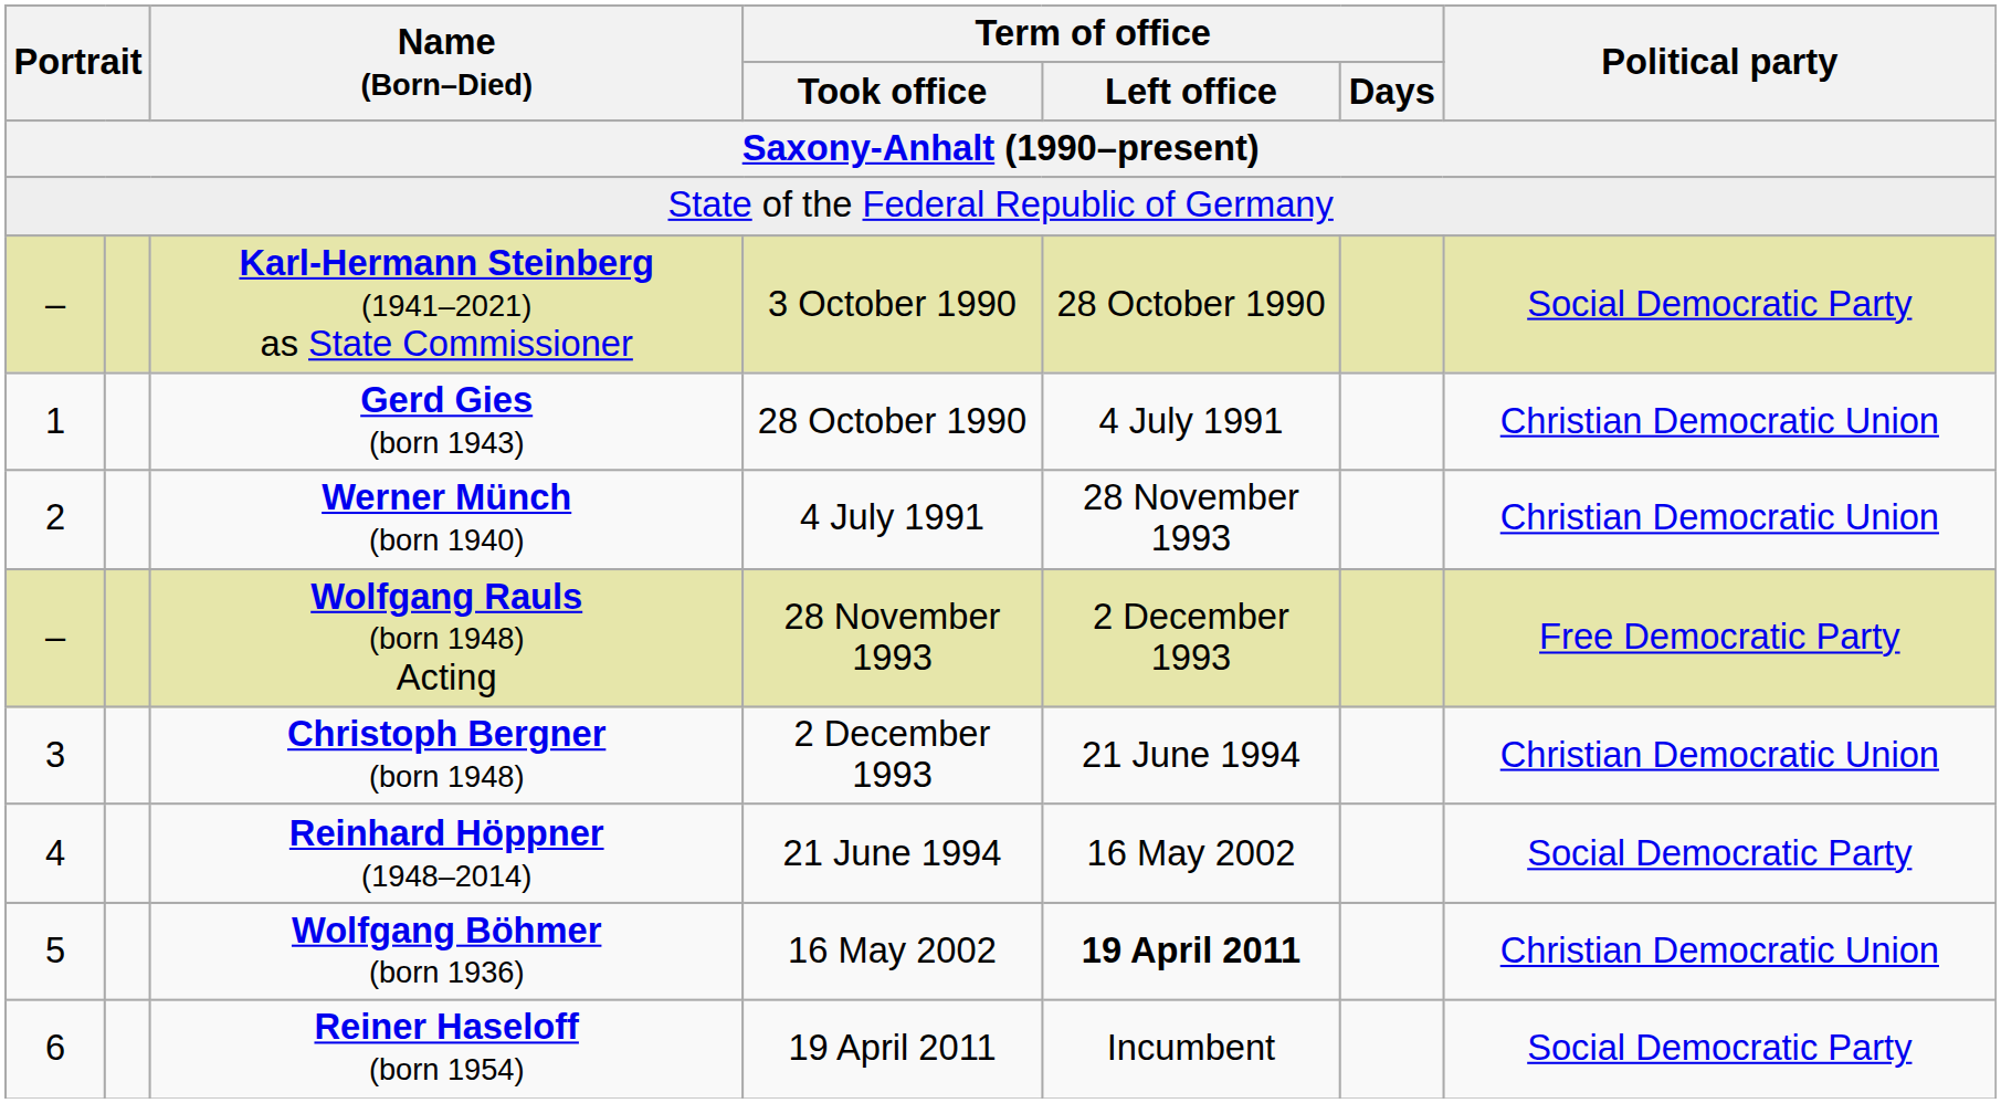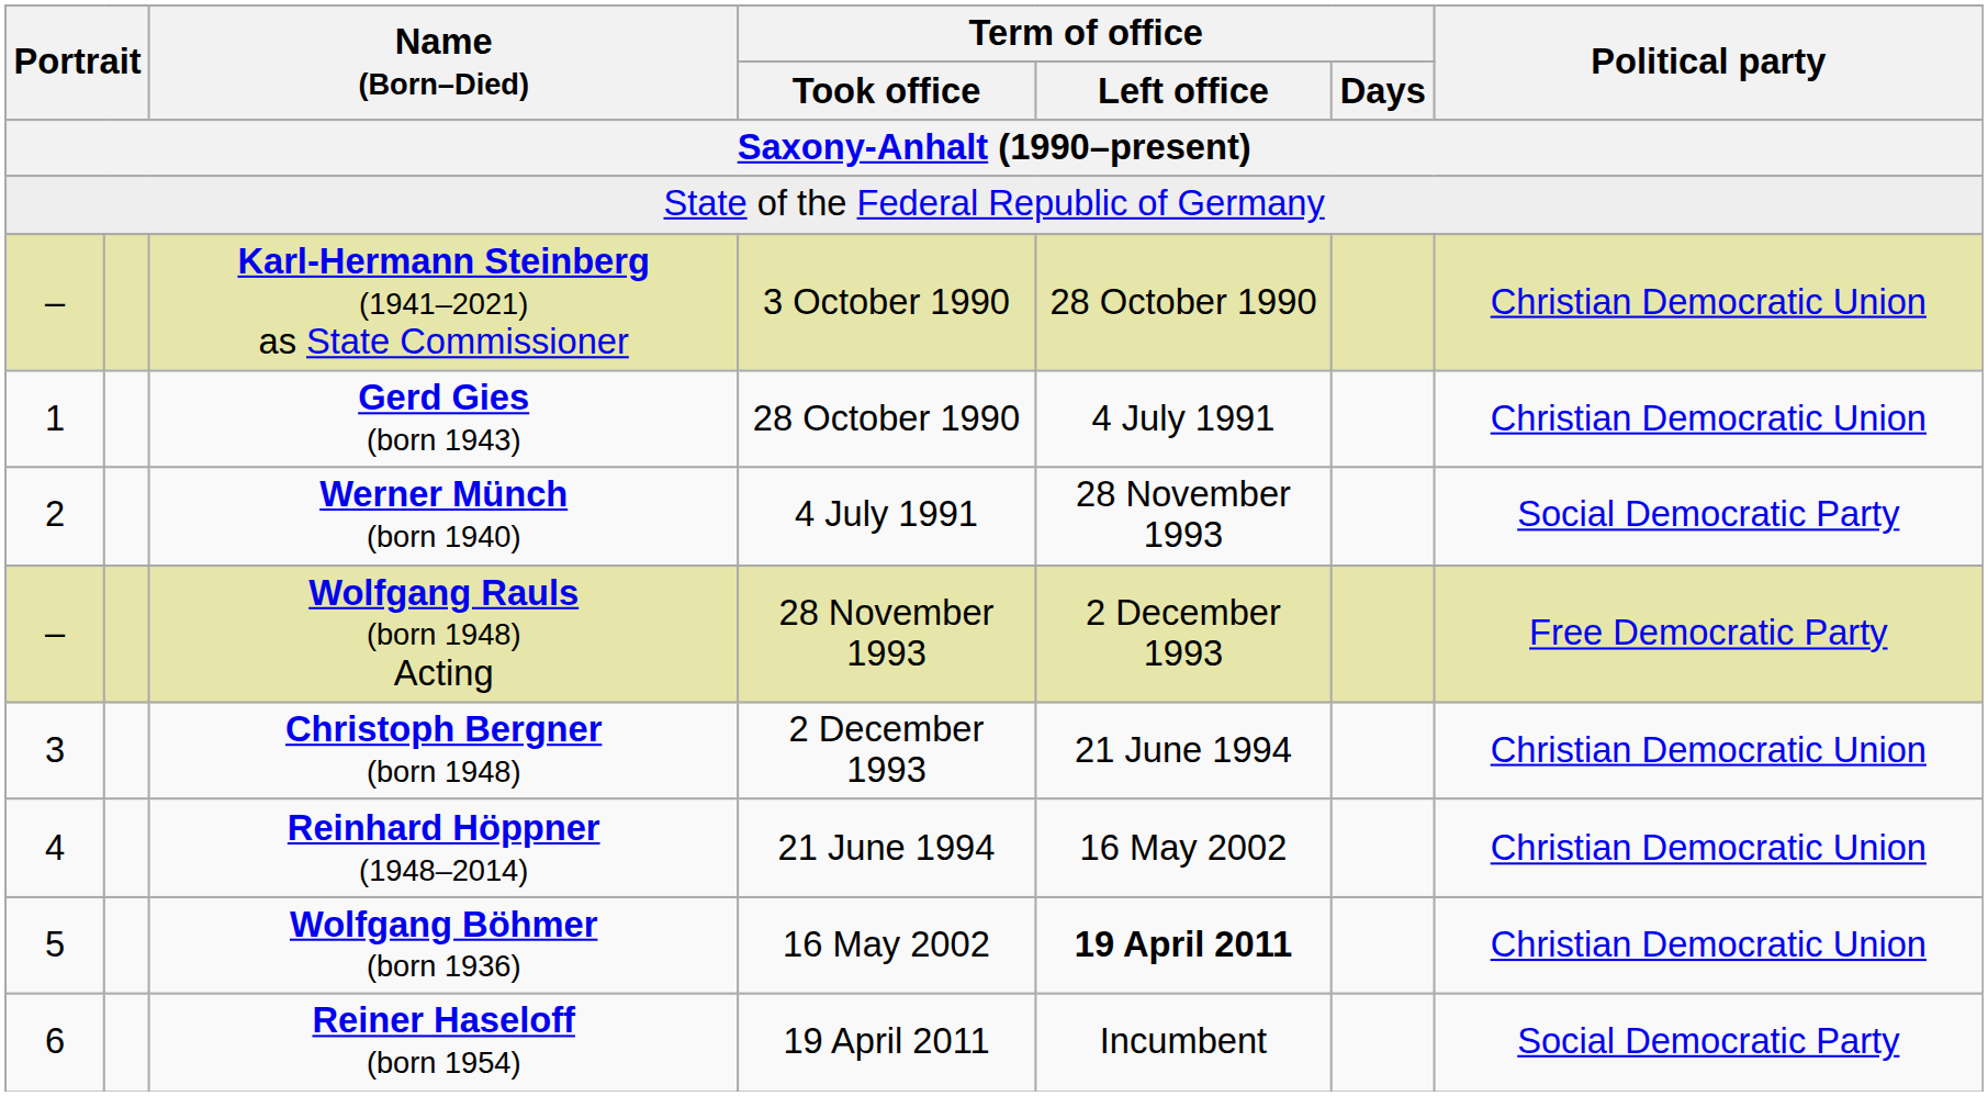 <table class="wikitable" style="text-align:center; width:100%; border:1px #AAAAFF solid">
 <tr>
 <th width=80px rowspan=2 colspan=2>Portrait</th>
 <th width=30% rowspan=2>Name<br><small>(Born–Died)</small></th>
 <th width=35% colspan=3>Term of office</th>
 <th width=28% rowspan=2>Political party</th>
 </tr>
 <tr>
 <th>Took office</th>
 <th>Left office</th>
 <th>Days</th>
 </tr>
 <tr>
 <th colspan="7"><a href='#'>Saxony-Anhalt</a> (1990–present)</th>
 </tr>
 <tr>
 <td bgcolor=#EEEEEE colspan=8><a href='#'>State</a> of the <a href='#'>Federal Republic of Germany</a></td>
 </tr>
 <tr style="background-color: #E6E6AA">
 <td style="background:">–</td>
 <td></td>
 <td><strong><a href='#'>Karl-Hermann Steinberg</a></strong><br><small>(1941–2021)</small><br>as <a href='#'>State Commissioner</a></td>
 <td>3 October 1990</td>
 <td>28 October 1990</td>
 <td></td>
-<td><a href='#'>Social Democratic Party</a></td>
+<td><a href='#'>Christian Democratic Union</a></td>
 </tr>
 <tr>
 <td style="background:">1</td>
 <td></td>
 <td><strong><a href='#'>Gerd Gies</a></strong><br><small>(born 1943)</small></td>
 <td>28 October 1990</td>
 <td>4 July 1991<br></td>
 <td></td>
 <td><a href='#'>Christian Democratic Union</a></td>
 </tr>
 <tr>
 <td style="background:">2</td>
 <td></td>
 <td><strong><a href='#'>Werner Münch</a></strong><br><small>(born 1940)</small></td>
 <td>4 July 1991</td>
 <td>28 November 1993<br></td>
 <td></td>
-<td><a href='#'>Christian Democratic Union</a></td>
+<td><a href='#'>Social Democratic Party</a></td>
 </tr>
 <tr>
 </tr>
 <tr style="background-color: #E6E6AA">
 <td style="background:">–</td>
 <td></td>
 <td><strong><a href='#'>Wolfgang Rauls</a></strong><br><small>(born 1948)</small><br>Acting</td>
 <td>28 November 1993</td>
 <td>2 December 1993</td>
 <td></td>
 <td><a href='#'>Free Democratic Party</a></td>
 </tr>
 <tr>
 <td style="background:">3</td>
 <td></td>
 <td><strong><a href='#'>Christoph Bergner</a></strong><br><small>(born 1948)</small></td>
 <td>2 December 1993</td>
 <td>21 June 1994</td>
 <td></td>
 <td><a href='#'>Christian Democratic Union</a></td>
 </tr>
 <tr>
 <td style="background:">4</td>
 <td></td>
 <td><strong><a href='#'>Reinhard Höppner</a></strong><br><small>(1948–2014)</small></td>
 <td>21 June 1994</td>
 <td>16 May 2002</td>
 <td></td>
-<td><a href='#'>Social Democratic Party</a></td>
+<td><a href='#'>Christian Democratic Union</a></td>
 </tr>
 <tr>
 <td style="background:">5</td>
 <td></td>
 <td><strong><a href='#'>Wolfgang Böhmer</a></strong><br><small>(born 1936)</small></td>
 <td>16 May 2002</td>
 <td><strong>19 April 2011</strong></td>
 <td></td>
 <td><a href='#'>Christian Democratic Union</a></td>
 </tr>
 <tr>
 <td style="background:">6</td>
 <td></td>
 <td><strong><a href='#'>Reiner Haseloff</a></strong><br><small>(born 1954)</small></td>
 <td>19 April 2011</td>
 <td>Incumbent</td>
 <td></td>
 <td><a href='#'>Social Democratic Party</a></td>
 </tr>
 </table>
